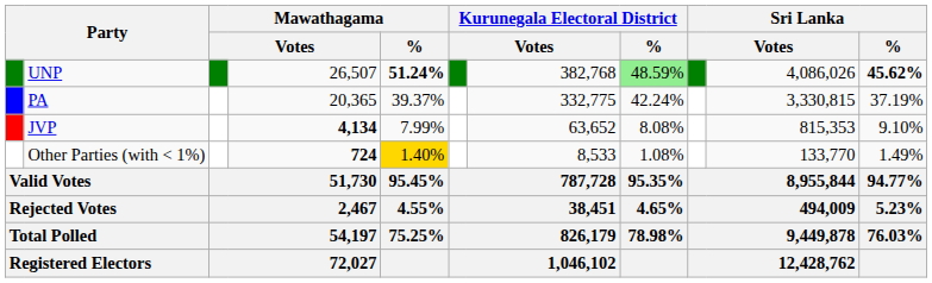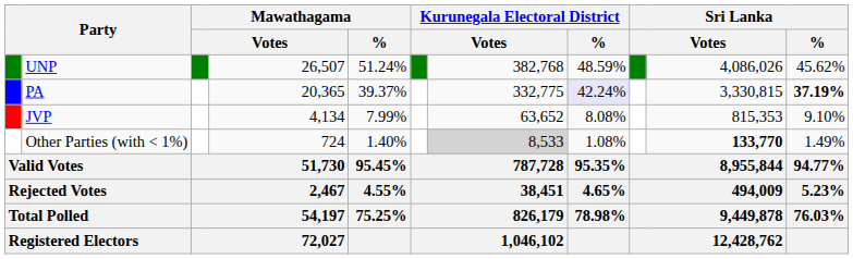 <table class="wikitable">
 <tr>
 <th colspan="2" width="144px"rowspan="2">Party</th>
 <th colspan="3" width="216px">Mawathagama</th>
 <th colspan="3" width="216px"><a href='#'>Kurunegala Electoral District</a></th>
 <th colspan="3" width="216px">Sri Lanka</th>
 </tr>
 <tr>
 <th colspan="2" width="144px">Votes</th>
 <th>%</th>
 <th colspan="2" width="144px">Votes</th>
 <th>%</th>
 <th colspan="2" width="144px">Votes</th>
 <th>%</th>
 </tr>
 <tr>
 <td style="background-color:green;" width="10px"></td>
 <td style="text-align:left;"><a href='#'>UNP</a></td>
 <td style="background-color:green;" width="10px"></td>
 <td style="text-align:right;">26,507</td>
-<td style="text-align:right;"><strong>51.24%</strong></td>
+<td style="text-align:right;">51.24%</td>
 <td style="background-color:green;" width="10px"></td>
 <td style="text-align:right;">382,768</td>
-<td style="background: lightgreen; text-align:right;">48.59%</td>
+<td style="text-align:right;">48.59%</td>
 <td style="background-color:green;" width="10px"></td>
 <td style="text-align:right;">4,086,026</td>
-<td style="text-align:right;"><strong>45.62%</strong></td>
+<td style="text-align:right;">45.62%</td>
 </tr>
 <tr>
 <td style="background-color:blue;" width="10px"></td>
 <td style="text-align:left;"><a href='#'>PA</a></td>
 <td style="background-color:white;" width="10px"></td>
 <td style="text-align:right;">20,365</td>
 <td style="text-align:right;">39.37%</td>
 <td style="background-color:white;" width="10px"></td>
 <td style="text-align:right;">332,775</td>
-<td style="text-align:right;">42.24%</td>
+<td style="background: lavender; text-align:right;">42.24%</td>
 <td style="background-color:white;" width="10px"></td>
 <td style="text-align:right;">3,330,815</td>
-<td style="text-align:right;">37.19%</td>
+<td style="text-align:right;"><strong>37.19%</strong></td>
 </tr>
 <tr>
 <td style="background-color:red;" width="10px"></td>
 <td style="text-align:left;"><a href='#'>JVP</a></td>
 <td style="background-color:white;" width="10px"></td>
-<td style="text-align:right;"><strong>4,134</strong></td>
+<td style="text-align:right;">4,134</td>
 <td style="text-align:right;">7.99%</td>
 <td style="background-color:white;" width="10px"></td>
 <td style="text-align:right;">63,652</td>
 <td style="text-align:right;">8.08%</td>
 <td style="background-color:white;" width="10px"></td>
 <td style="text-align:right;">815,353</td>
 <td style="text-align:right;">9.10%</td>
 </tr>
 <tr>
 <td style="background-color:white;" width="10px"></td>
 <td style="text-align:left;">Other Parties (with < 1%)</td>
 <td style="background-color:white;" width="10px"></td>
-<td style="text-align:right;"><strong>724</strong></td>
-<td style="background: gold; text-align:right;">1.40%</td>
+<td style="text-align:right;">724</td>
+<td style="text-align:right;">1.40%</td>
 <td style="background-color:white;" width="10px"></td>
-<td style="text-align:right;">8,533</td>
+<td style="background: lightgrey; text-align:right;">8,533</td>
 <td style="text-align:right;">1.08%</td>
 <td style="background-color:white;" width="10px"></td>
-<td style="text-align:right;">133,770</td>
+<td style="text-align:right;"><strong>133,770</strong></td>
 <td style="text-align:right;">1.49%</td>
 </tr>
 <tr>
 <th colspan="2" width="144px"style="text-align:left;">Valid Votes</th>
 <th style="text-align:right;"colspan="2" width="144px">51,730</th>
 <th style="text-align:right;">95.45%</th>
 <th style="text-align:right;"colspan="2" width="144px">787,728</th>
 <th style="text-align:right;">95.35%</th>
 <th style="text-align:right;"colspan="2" width="144px">8,955,844</th>
 <th style="text-align:right;">94.77%</th>
 </tr>
 <tr>
 <th colspan="2" width="144px"style="text-align:left;">Rejected Votes</th>
 <th style="text-align:right;"colspan="2" width="144px">2,467</th>
 <th style="text-align:right;">4.55%</th>
 <th style="text-align:right;"colspan="2" width="144px">38,451</th>
 <th style="text-align:right;">4.65%</th>
 <th style="text-align:right;"colspan="2" width="144px">494,009</th>
 <th style="text-align:right;">5.23%</th>
 </tr>
 <tr>
 <th colspan="2" width="144px"style="text-align:left;">Total Polled</th>
 <th style="text-align:right;"colspan="2" width="144px">54,197</th>
 <th style="text-align:right;">75.25%</th>
 <th style="text-align:right;"colspan="2" width="144px">826,179</th>
 <th style="text-align:right;">78.98%</th>
 <th style="text-align:right;"colspan="2" width="144px">9,449,878</th>
 <th style="text-align:right;">76.03%</th>
 </tr>
 <tr>
 <th colspan="2" width="144px"style="text-align:left;">Registered Electors</th>
 <th style="text-align:right;"colspan="2" width="144px">72,027</th>
 <th></th>
 <th style="text-align:right;"colspan="2" width="144px">1,046,102</th>
 <th></th>
 <th style="text-align:right;"colspan="2" width="144px">12,428,762</th>
 <th></th>
 </tr>
 </table>
